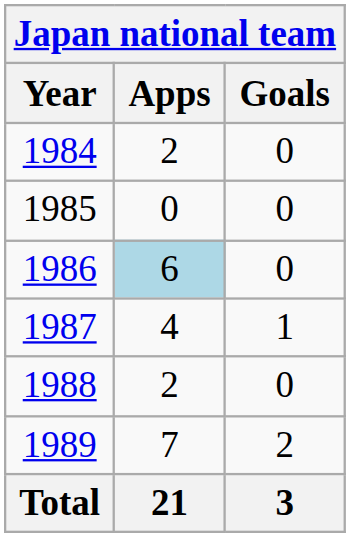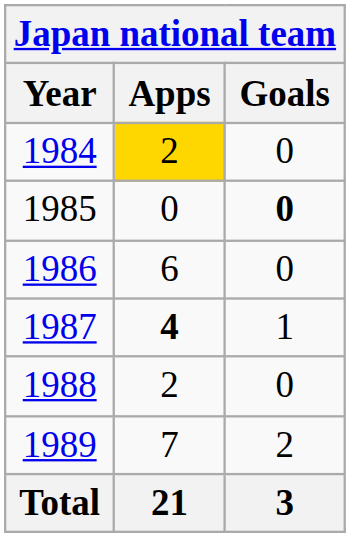 <table class="wikitable" style="text-align:center">
 <tr>
 <th colspan=3><a href='#'>Japan national team</a></th>
 </tr>
 <tr>
 <th>Year</th>
 <th>Apps</th>
 <th>Goals</th>
 </tr>
 <tr>
 <td><a href='#'>1984</a></td>
-<td>2</td>
+<td style="background: gold;">2</td>
 <td>0</td>
 </tr>
 <tr>
 <td>1985</td>
 <td>0</td>
-<td>0</td>
+<td><strong>0</strong></td>
 </tr>
 <tr>
 <td><a href='#'>1986</a></td>
-<td style="background: lightblue;">6</td>
+<td>6</td>
 <td>0</td>
 </tr>
 <tr>
 <td><a href='#'>1987</a></td>
-<td>4</td>
+<td><strong>4</strong></td>
 <td>1</td>
 </tr>
 <tr>
 <td><a href='#'>1988</a></td>
 <td>2</td>
 <td>0</td>
 </tr>
 <tr>
 <td><a href='#'>1989</a></td>
 <td>7</td>
 <td>2</td>
 </tr>
 <tr>
 <th>Total</th>
 <th>21</th>
 <th>3</th>
 </tr>
 </table>
